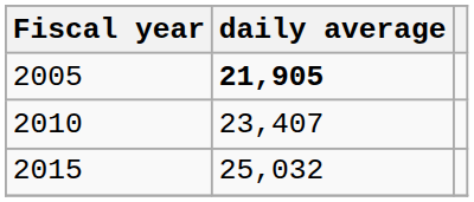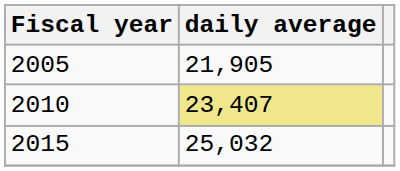 <table class="wikitable">
 <tr>
 <th>Fiscal year</th>
 <th>daily average</th>
 <th></th>
 </tr>
 <tr>
 <td>2005</td>
-<td><strong>21,905</strong></td>
+<td>21,905</td>
 <td></td>
 </tr>
 <tr>
 <td>2010</td>
-<td>23,407</td>
+<td style="background: khaki;">23,407</td>
 <td></td>
 </tr>
 <tr>
 <td>2015</td>
 <td>25,032</td>
 <td></td>
 </tr>
 <tr>
 </tr>
 </table>
